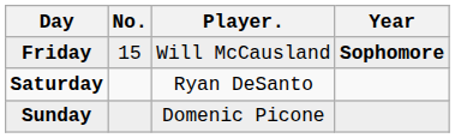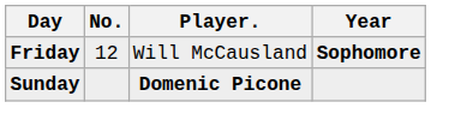 <table class="wikitable non-sortable">
 <tr>
 <th style="text-align:center; ">Day</th>
 <th style="text-align:center; ">No.</th>
 <th style="text-align:center; ">Player.</th>
 <th style="text-align:center; ">Year</th>
 </tr>
 <tr style="background:#eeeeee;text-align:center;">
 <td><strong>Friday</strong></td>
-<td>15</td>
+<td>12</td>
 <td>Will McCausland</td>
 <td><strong>Sophomore</strong></td>
-</tr>
-<tr style="text-align:center;">
-<td><strong>Saturday</strong></td>
-<td></td>
-<td>Ryan DeSanto</td>
-<td></td>
 </tr>
 <tr style="background:#eeeeee;text-align:center;">
 <td><strong>Sunday</strong></td>
 <td></td>
-<td>Domenic Picone</td>
+<td><strong>Domenic Picone</strong></td>
 <td></td>
 </tr>
 </table>
